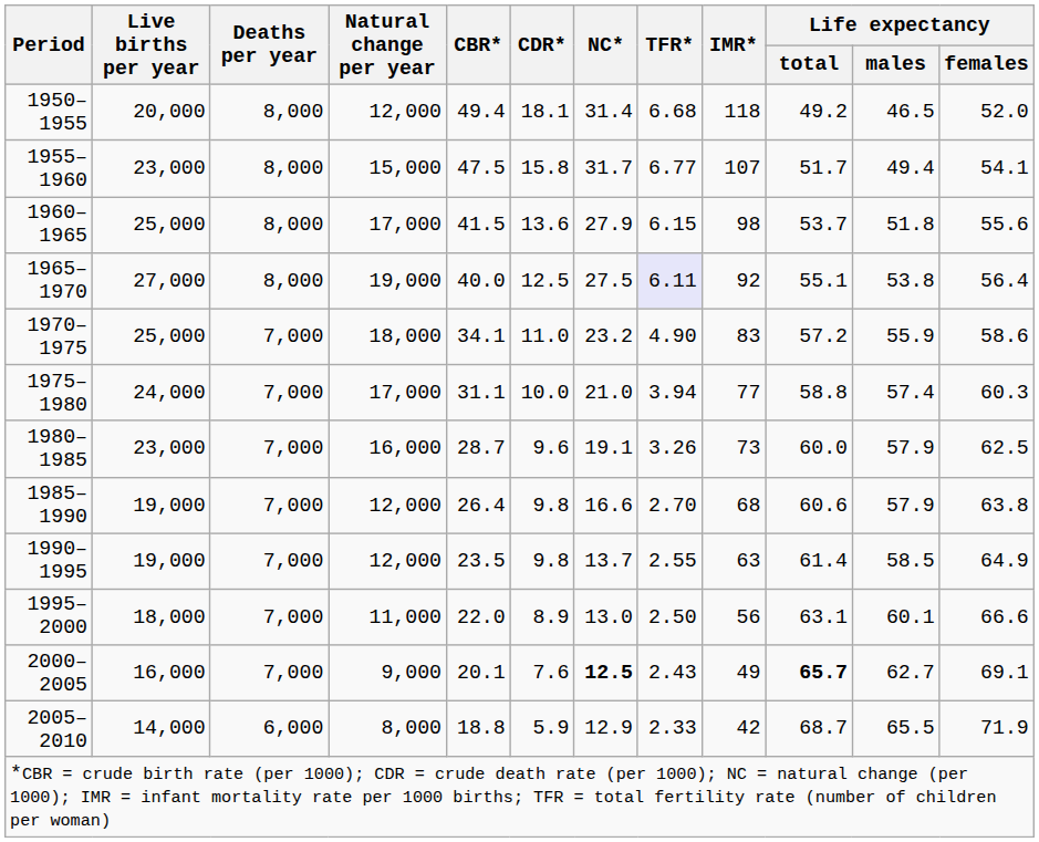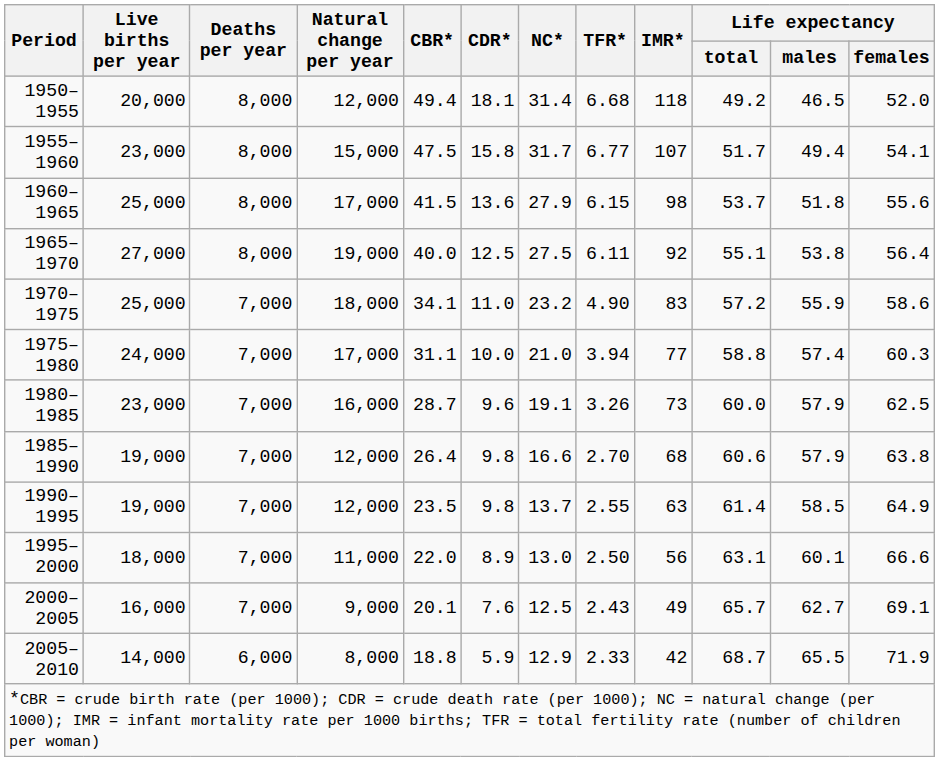 <table class="wikitable" style="text-align: right;">
 <tr>
 <th rowspan=2 width="50pt">Period</th>
 <th rowspan=2 width="70pt">Live births<br>per year</th>
 <th rowspan=2 width="70pt">Deaths<br>per year</th>
 <th rowspan=2 width="70pt">Natural change<br>per year</th>
 <th rowspan=2 width="35pt">CBR*</th>
 <th rowspan=2 width="35pt">CDR*</th>
 <th rowspan=2 width="35pt">NC*</th>
 <th rowspan=2 width="35pt">TFR*</th>
 <th rowspan=2 width="35pt">IMR*</th>
 <th colspan=3>Life expectancy</th>
 </tr>
 <tr>
 <th width="50pt">total</th>
 <th width="50pt">males</th>
 <th width="50pt">females</th>
 </tr>
 <tr>
 <td>1950–1955</td>
 <td>20,000</td>
 <td>8,000</td>
 <td>12,000</td>
 <td>49.4</td>
 <td>18.1</td>
 <td>31.4</td>
 <td>6.68</td>
 <td>118</td>
 <td>49.2</td>
 <td>46.5</td>
 <td>52.0</td>
 </tr>
 <tr>
 <td>1955–1960</td>
 <td>23,000</td>
 <td>8,000</td>
 <td>15,000</td>
 <td>47.5</td>
 <td>15.8</td>
 <td>31.7</td>
 <td>6.77</td>
 <td>107</td>
 <td>51.7</td>
 <td>49.4</td>
 <td>54.1</td>
 </tr>
 <tr>
 <td>1960–1965</td>
 <td>25,000</td>
 <td>8,000</td>
 <td>17,000</td>
 <td>41.5</td>
 <td>13.6</td>
 <td>27.9</td>
 <td>6.15</td>
 <td>98</td>
 <td>53.7</td>
 <td>51.8</td>
 <td>55.6</td>
 </tr>
 <tr>
 <td>1965–1970</td>
 <td>27,000</td>
 <td>8,000</td>
 <td>19,000</td>
 <td>40.0</td>
 <td>12.5</td>
 <td>27.5</td>
-<td style="background: lavender;">6.11</td>
+<td>6.11</td>
 <td>92</td>
 <td>55.1</td>
 <td>53.8</td>
 <td>56.4</td>
 </tr>
 <tr>
 <td>1970–1975</td>
 <td>25,000</td>
 <td>7,000</td>
 <td>18,000</td>
 <td>34.1</td>
 <td>11.0</td>
 <td>23.2</td>
 <td>4.90</td>
 <td>83</td>
 <td>57.2</td>
 <td>55.9</td>
 <td>58.6</td>
 </tr>
 <tr>
 <td>1975–1980</td>
 <td>24,000</td>
 <td>7,000</td>
 <td>17,000</td>
 <td>31.1</td>
 <td>10.0</td>
 <td>21.0</td>
 <td>3.94</td>
 <td>77</td>
 <td>58.8</td>
 <td>57.4</td>
 <td>60.3</td>
 </tr>
 <tr>
 <td>1980–1985</td>
 <td>23,000</td>
 <td>7,000</td>
 <td>16,000</td>
 <td>28.7</td>
 <td>9.6</td>
 <td>19.1</td>
 <td>3.26</td>
 <td>73</td>
 <td>60.0</td>
 <td>57.9</td>
 <td>62.5</td>
 </tr>
 <tr>
 <td>1985–1990</td>
 <td>19,000</td>
 <td>7,000</td>
 <td>12,000</td>
 <td>26.4</td>
 <td>9.8</td>
 <td>16.6</td>
 <td>2.70</td>
 <td>68</td>
 <td>60.6</td>
 <td>57.9</td>
 <td>63.8</td>
 </tr>
 <tr>
 <td>1990–1995</td>
 <td>19,000</td>
 <td>7,000</td>
 <td>12,000</td>
 <td>23.5</td>
 <td>9.8</td>
 <td>13.7</td>
 <td>2.55</td>
 <td>63</td>
 <td>61.4</td>
 <td>58.5</td>
 <td>64.9</td>
 </tr>
 <tr>
 <td>1995–2000</td>
 <td>18,000</td>
 <td>7,000</td>
 <td>11,000</td>
 <td>22.0</td>
 <td>8.9</td>
 <td>13.0</td>
 <td>2.50</td>
 <td>56</td>
 <td>63.1</td>
 <td>60.1</td>
 <td>66.6</td>
 </tr>
 <tr>
 <td>2000–2005</td>
 <td>16,000</td>
 <td>7,000</td>
 <td>9,000</td>
 <td>20.1</td>
 <td>7.6</td>
-<td><strong>12.5</strong></td>
+<td>12.5</td>
 <td>2.43</td>
 <td>49</td>
-<td><strong>65.7</strong></td>
+<td>65.7</td>
 <td>62.7</td>
 <td>69.1</td>
 </tr>
 <tr>
 <td>2005–2010</td>
 <td>14,000</td>
 <td>6,000</td>
 <td>8,000</td>
 <td>18.8</td>
 <td>5.9</td>
 <td>12.9</td>
 <td>2.33</td>
 <td>42</td>
 <td>68.7</td>
 <td>65.5</td>
 <td>71.9</td>
 </tr>
 <tr>
 <td align="left" colspan="12">*<small>CBR = crude birth rate (per 1000); CDR = crude death rate (per 1000); NC = natural change (per 1000); IMR = infant mortality rate per 1000 births; TFR = total fertility rate (number of children per woman)</small></td>
 </tr>
 </table>
